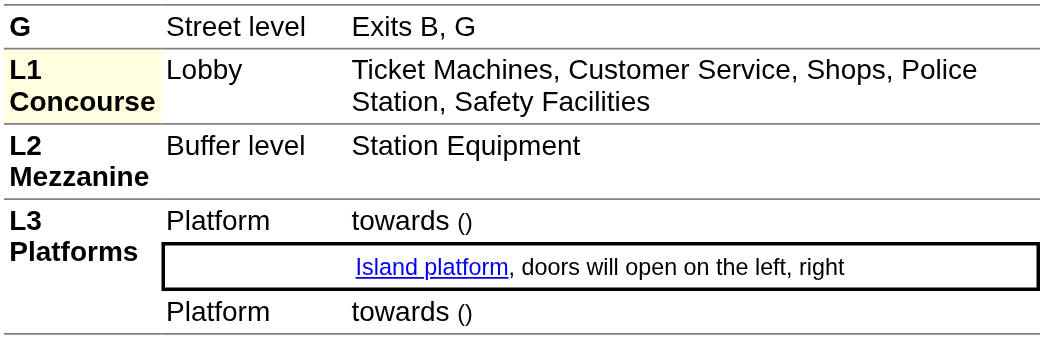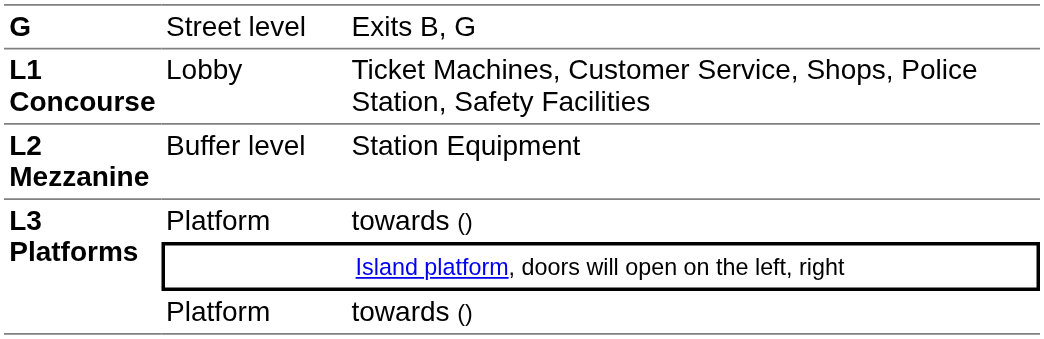 <table table border=0 cellspacing=0 cellpadding=3>
 <tr>
 <td style="border-top:solid 1px gray;" width=50 valign=top><strong>G</strong></td>
 <td style="border-top:solid 1px gray;" width=100 valign=top>Street level</td>
 <td style="border-top:solid 1px gray;" width=390 valign=top>Exits B, G</td>
 </tr>
 <tr>
-<td style="background: lightyellow; border-bottom:solid 1px gray; border-top:solid 1px gray;" valign=top><strong>L1<br>Concourse</strong></td>
+<td style="border-bottom:solid 1px gray; border-top:solid 1px gray;" valign=top><strong>L1<br>Concourse</strong></td>
 <td style="border-bottom:solid 1px gray; border-top:solid 1px gray;" valign=top>Lobby</td>
 <td style="border-bottom:solid 1px gray; border-top:solid 1px gray;" valign=top>Ticket Machines, Customer Service, Shops, Police Station, Safety Facilities</td>
 </tr>
 <tr>
 <td style="border-bottom:solid 1px gray;" valign=top><strong>L2<br>Mezzanine</strong></td>
 <td style="border-bottom:solid 1px gray;" valign=top>Buffer level</td>
 <td style="border-bottom:solid 1px gray;" valign=top>Station Equipment</td>
 </tr>
 <tr>
 <td style="border-bottom:solid 1px gray;" valign=top width=50 rowspan=3><strong>L3<br>Platforms</strong></td>
 <td>Platform </td>
 <td> towards  <small>()</small> </td>
 </tr>
 <tr>
 <td style="border-top:solid 2px black;border-right:solid 2px black;border-left:solid 2px black;border-bottom:solid 2px black;text-align:center;" colspan=2><small><a href='#'>Island platform</a>, doors will open on the left, right</small></td>
 </tr>
 <tr>
 <td style="border-bottom:solid 1px gray;">Platform </td>
 <td style="border-bottom:solid 1px gray;"> towards  <small>()</small> </td>
 </tr>
 </table>
